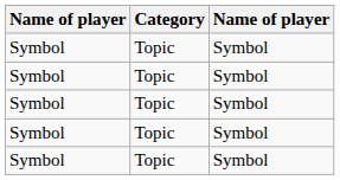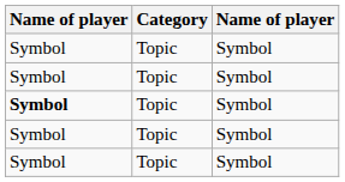 <table class="wikitable">
 <tr>
 <th>Name of player</th>
 <th>Category</th>
 <th>Name of player</th>
 </tr>
 <tr>
 <td>Symbol</td>
 <td>Topic</td>
 <td>Symbol</td>
 </tr>
 <tr>
 <td>Symbol</td>
 <td>Topic</td>
 <td>Symbol</td>
 </tr>
 <tr>
-<td>Symbol</td>
+<td><strong>Symbol</strong></td>
 <td>Topic</td>
 <td>Symbol</td>
 </tr>
 <tr>
 <td>Symbol</td>
 <td>Topic</td>
 <td>Symbol</td>
 </tr>
 <tr>
 <td>Symbol</td>
 <td>Topic</td>
 <td>Symbol</td>
 </tr>
 </table>
